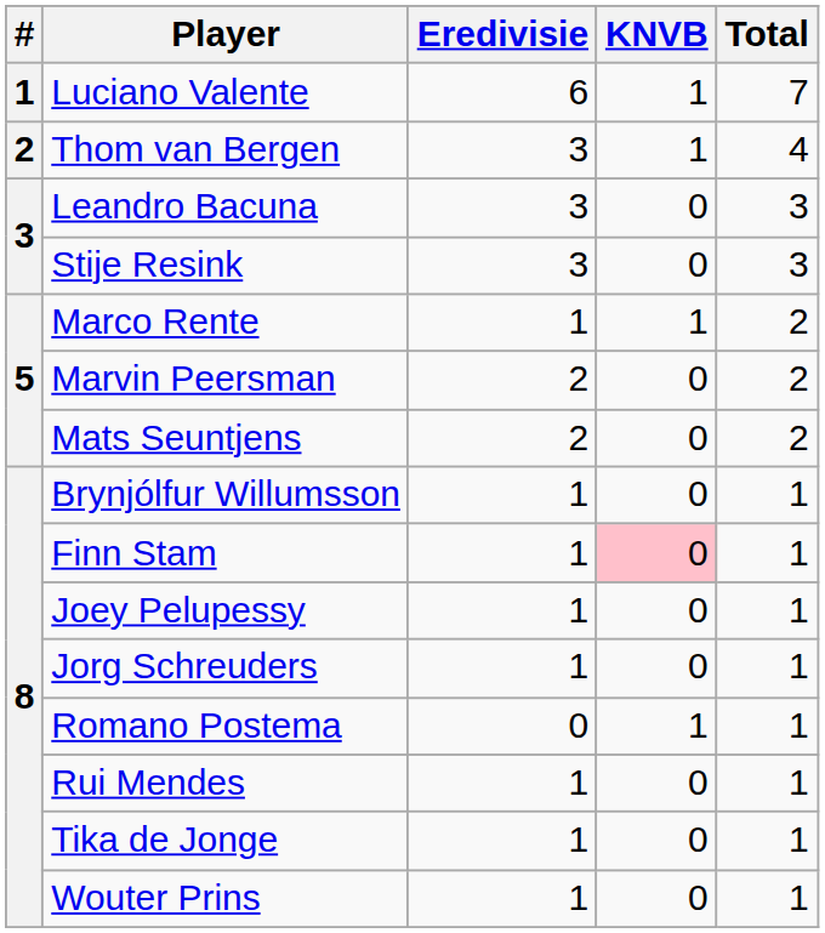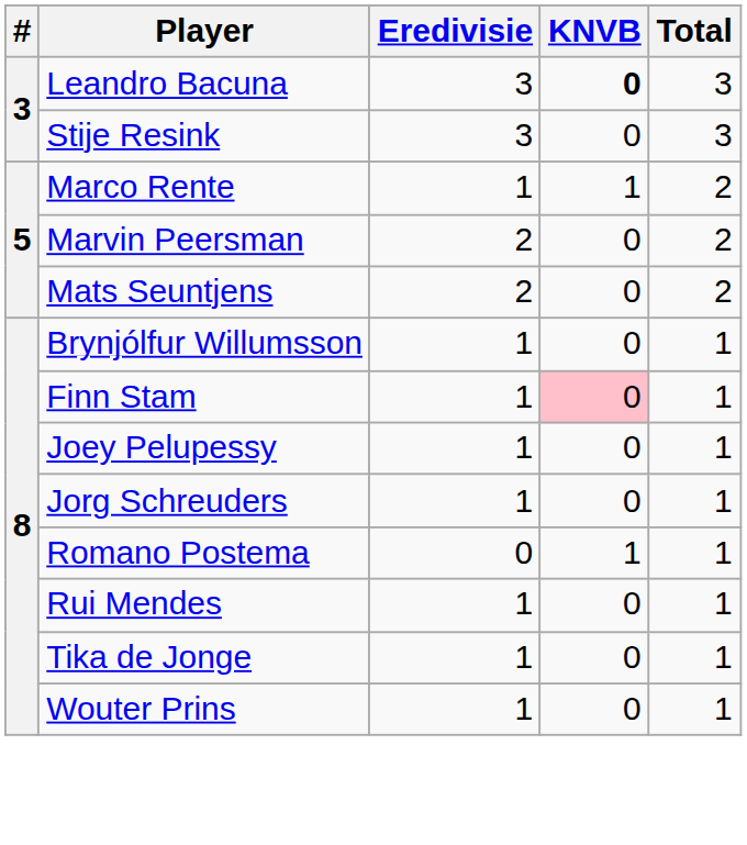 <table class="wikitable" style="text-align:right;">
 <tr>
 <th>#</th>
 <th>Player</th>
 <th><a href='#'>Eredivisie</a></th>
 <th><a href='#'>KNVB</a></th>
 <th>Total</th>
 </tr>
 <tr>
-<th align=center>1</th>
-<td align=left> <a href='#'>Luciano Valente</a></td>
-<td>6</td>
-<td>1</td>
-<td>7</td>
-</tr>
-<tr>
-<th align=center>2</th>
-<td align=left> <a href='#'>Thom van Bergen</a></td>
-<td>3</td>
-<td>1</td>
-<td>4</td>
-</tr>
-<tr>
 <th rowspan=2 align=center>3</th>
 <td align=left> <a href='#'>Leandro Bacuna</a></td>
 <td>3</td>
-<td>0</td>
+<td><strong>0</strong></td>
 <td>3</td>
 </tr>
 <tr>
 <td align=left> <a href='#'>Stije Resink</a></td>
 <td>3</td>
 <td>0</td>
 <td>3</td>
 </tr>
 <tr>
 <th rowspan=3 align=center>5</th>
 <td align=left> <a href='#'>Marco Rente</a></td>
 <td>1</td>
 <td>1</td>
 <td>2</td>
 </tr>
 <tr>
 <td align=left> <a href='#'>Marvin Peersman</a></td>
 <td>2</td>
 <td>0</td>
 <td>2</td>
 </tr>
 <tr>
 <td align=left> <a href='#'>Mats Seuntjens</a></td>
 <td>2</td>
 <td>0</td>
 <td>2</td>
 </tr>
 <tr>
 <th align=center rowspan=8>8</th>
 <td align=left> <a href='#'>Brynjólfur Willumsson</a></td>
 <td>1</td>
 <td>0</td>
 <td>1</td>
 </tr>
 <tr>
 <td align=left> <a href='#'>Finn Stam</a></td>
 <td>1</td>
 <td style="background: pink;">0</td>
 <td>1</td>
 </tr>
 <tr>
 <td align=left><a href='#'>Joey Pelupessy</a></td>
 <td>1</td>
 <td>0</td>
 <td>1</td>
 </tr>
 <tr>
 <td align=left> <a href='#'>Jorg Schreuders</a></td>
 <td>1</td>
 <td>0</td>
 <td>1</td>
 </tr>
 <tr>
 <td align=left> <a href='#'>Romano Postema</a></td>
 <td>0</td>
 <td>1</td>
 <td>1</td>
 </tr>
 <tr>
 <td align=left> <a href='#'>Rui Mendes</a></td>
 <td>1</td>
 <td>0</td>
 <td>1</td>
 </tr>
 <tr>
 <td align=left> <a href='#'>Tika de Jonge</a></td>
 <td>1</td>
 <td>0</td>
 <td>1</td>
 </tr>
 <tr>
 <td align=left> <a href='#'>Wouter Prins</a></td>
 <td>1</td>
 <td>0</td>
 <td>1</td>
 </tr>
 </table>
